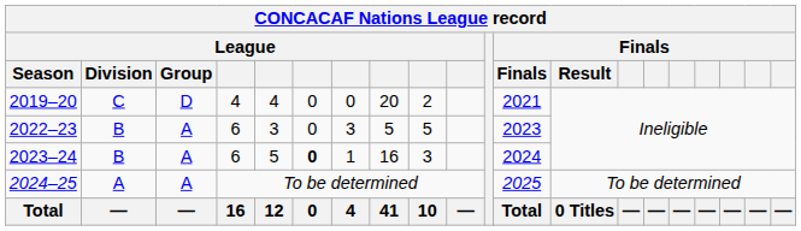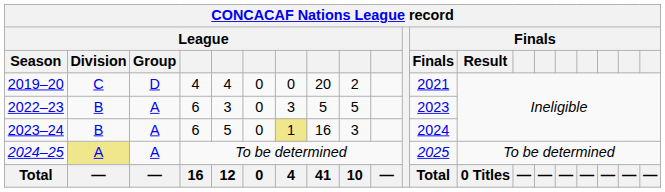 <table class="wikitable" style="text-align: center;">
 <tr>
 <th colspan="20"><a href='#'>CONCACAF Nations League</a> record</th>
 </tr>
 <tr>
 <th colspan="10">League</th>
 <th rowspan="7"></th>
 <th colspan="9">Finals</th>
 </tr>
 <tr>
 <th>Season</th>
 <th>Division</th>
 <th>Group</th>
 <th width="28"></th>
 <th width="28"></th>
 <th width="28"></th>
 <th width="28"></th>
 <th width="28"></th>
 <th width="28"></th>
 <th width="28"></th>
 <th><strong>Finals</strong></th>
 <th><strong>Result</strong></th>
 <th></th>
 <th></th>
 <th></th>
 <th></th>
 <th></th>
 <th></th>
 <th></th>
 </tr>
 <tr>
 <td><a href='#'>2019–20</a></td>
 <td><a href='#'>C</a></td>
 <td><a href='#'>D</a></td>
 <td>4</td>
 <td>4</td>
 <td>0</td>
 <td>0</td>
 <td>20</td>
 <td>2</td>
 <td></td>
 <td> <a href='#'>2021</a></td>
 <td colspan="8" rowspan="3"><em>Ineligible</em></td>
 </tr>
 <tr>
 <td><a href='#'>2022–23</a></td>
 <td><a href='#'>B</a></td>
 <td><a href='#'>A</a></td>
 <td>6</td>
 <td>3</td>
 <td>0</td>
 <td>3</td>
 <td>5</td>
 <td>5</td>
 <td></td>
 <td> <a href='#'>2023</a></td>
 </tr>
 <tr>
 <td><a href='#'>2023–24</a></td>
 <td><a href='#'>B</a></td>
 <td><a href='#'>A</a></td>
 <td>6</td>
 <td>5</td>
-<td><strong>0</strong></td>
-<td>1</td>
+<td>0</td>
+<td style="background: khaki;">1</td>
 <td>16</td>
 <td>3</td>
 <td></td>
 <td> <a href='#'>2024</a></td>
 </tr>
 <tr>
 <td><a href='#'><em>2024–25</em></a></td>
-<td><a href='#'>A</a></td>
+<td style="background: khaki;"><a href='#'>A</a></td>
 <td><a href='#'>A</a></td>
 <td colspan="7"><em>To be determined</em></td>
 <td> <a href='#'><em>2025</em></a></td>
 <td colspan="8"><em>To be determined</em></td>
 </tr>
 <tr>
 <th>Total</th>
 <th><strong>—</strong></th>
 <th><strong>—</strong></th>
 <th>16</th>
 <th>12</th>
 <th>0</th>
 <th>4</th>
 <th>41</th>
 <th>10</th>
 <th><strong>—</strong></th>
 <th><strong>Total</strong></th>
 <th><strong>0 Titles</strong></th>
 <th><strong>—</strong></th>
 <th><strong>—</strong></th>
 <th><strong>—</strong></th>
 <th><strong>—</strong></th>
 <th><strong>—</strong></th>
 <th><strong>—</strong></th>
 <th><strong>—</strong></th>
 </tr>
 </table>
